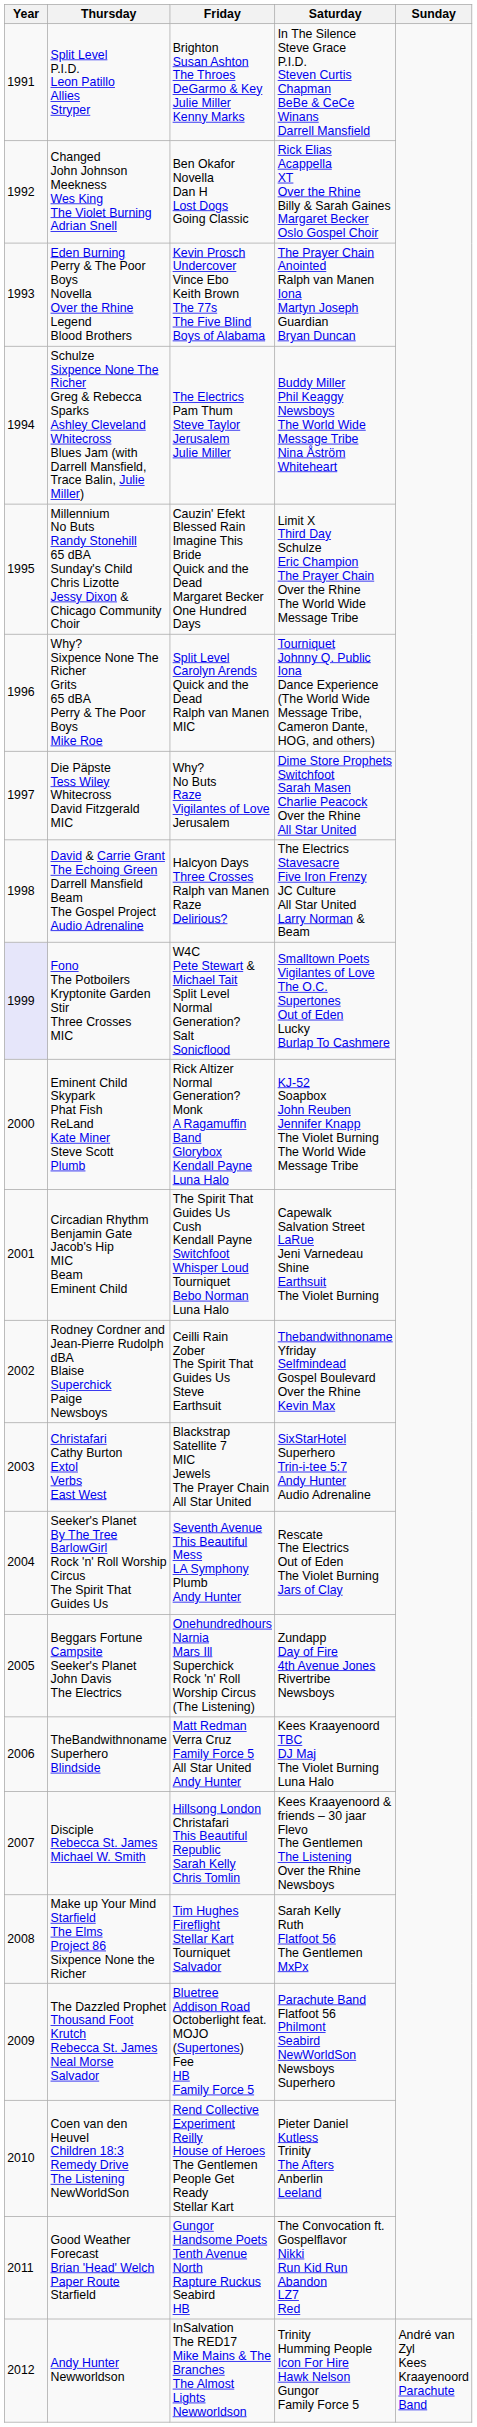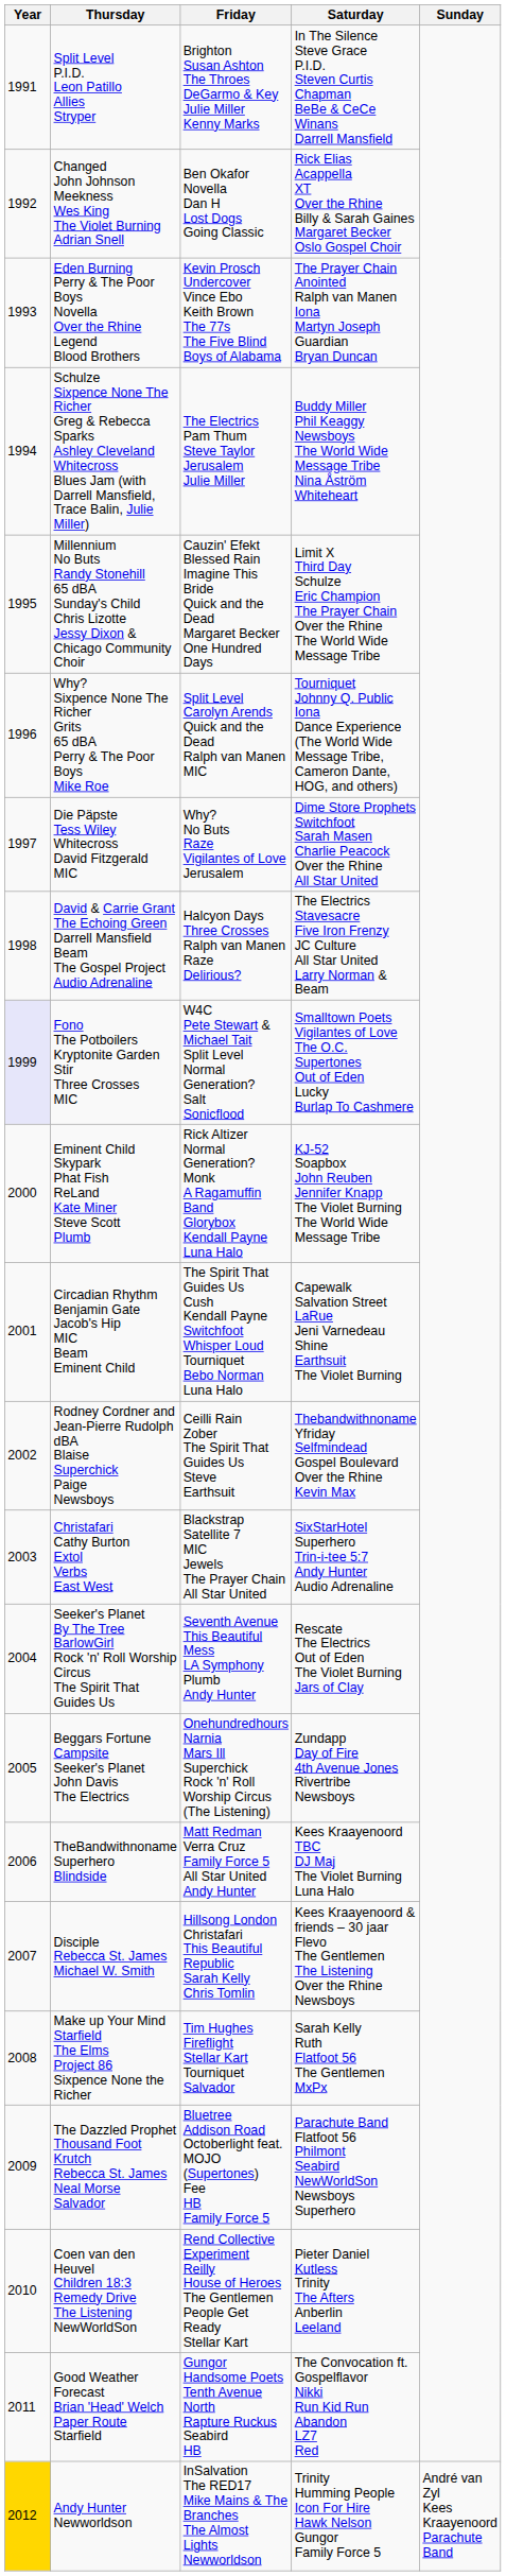 <table class="wikitable vatop">
 <tr>
 <th width="100px">Year</th>
 <th>Thursday</th>
 <th>Friday</th>
 <th>Saturday</th>
 <th>Sunday</th>
 </tr>
 <tr>
 <td>1991</td>
 <td><a href='#'>Split Level</a><br>P.I.D.<br><a href='#'>Leon Patillo</a><br><a href='#'>Allies</a><br><a href='#'>Stryper</a></td>
 <td>Brighton<br><a href='#'>Susan Ashton</a><br><a href='#'>The Throes</a><br><a href='#'>DeGarmo & Key</a><br><a href='#'>Julie Miller</a><br><a href='#'>Kenny Marks</a></td>
 <td>In The Silence<br>Steve Grace<br>P.I.D.<br><a href='#'>Steven Curtis Chapman</a><br><a href='#'>BeBe & CeCe Winans</a><br><a href='#'>Darrell Mansfield</a></td>
 </tr>
 <tr>
 <td>1992</td>
 <td>Changed<br>John Johnson<br>Meekness<br><a href='#'>Wes King</a><br><a href='#'>The Violet Burning</a><br><a href='#'>Adrian Snell</a></td>
 <td>Ben Okafor<br>Novella<br>Dan H<br><a href='#'>Lost Dogs</a><br>Going Classic</td>
 <td><a href='#'>Rick Elias</a><br><a href='#'>Acappella</a><br><a href='#'>XT</a><br><a href='#'>Over the Rhine</a><br>Billy & Sarah Gaines<br><a href='#'>Margaret Becker</a><br><a href='#'>Oslo Gospel Choir</a></td>
 </tr>
 <tr>
 <td>1993</td>
 <td><a href='#'>Eden Burning</a><br>Perry & The Poor Boys<br>Novella<br><a href='#'>Over the Rhine</a><br>Legend<br>Blood Brothers</td>
 <td><a href='#'>Kevin Prosch</a><br><a href='#'>Undercover</a><br>Vince Ebo<br>Keith Brown<br><a href='#'>The 77s</a><br><a href='#'>The Five Blind Boys of Alabama</a></td>
 <td><a href='#'>The Prayer Chain</a><br><a href='#'>Anointed</a><br>Ralph van Manen<br><a href='#'>Iona</a><br><a href='#'>Martyn Joseph</a><br>Guardian<br><a href='#'>Bryan Duncan</a></td>
 </tr>
 <tr>
 <td>1994</td>
 <td>Schulze<br><a href='#'>Sixpence None The Richer</a><br>Greg & Rebecca Sparks<br><a href='#'>Ashley Cleveland</a><br><a href='#'>Whitecross</a><br>Blues Jam (with Darrell Mansfield, Trace Balin, <a href='#'>Julie Miller</a>)</td>
 <td><a href='#'>The Electrics</a><br>Pam Thum<br><a href='#'>Steve Taylor</a><br><a href='#'>Jerusalem</a><br><a href='#'>Julie Miller</a></td>
 <td><a href='#'>Buddy Miller</a><br><a href='#'>Phil Keaggy</a><br><a href='#'>Newsboys</a><br><a href='#'>The World Wide Message Tribe</a><br><a href='#'>Nina Åström</a><br><a href='#'>Whiteheart</a></td>
 </tr>
 <tr>
 <td>1995</td>
 <td>Millennium<br>No Buts<br><a href='#'>Randy Stonehill</a><br>65 dBA<br>Sunday's Child<br>Chris Lizotte<br><a href='#'>Jessy Dixon</a> & Chicago Community Choir</td>
 <td>Cauzin' Efekt<br>Blessed Rain<br>Imagine This<br>Bride<br>Quick and the Dead<br>Margaret Becker<br>One Hundred Days</td>
 <td>Limit X<br><a href='#'>Third Day</a><br>Schulze<br><a href='#'>Eric Champion</a><br><a href='#'>The Prayer Chain</a><br>Over the Rhine<br>The World Wide Message Tribe</td>
 </tr>
 <tr>
 <td>1996</td>
 <td>Why?<br>Sixpence None The Richer<br>Grits<br>65 dBA<br>Perry & The Poor Boys<br><a href='#'>Mike Roe</a></td>
 <td><a href='#'>Split Level</a><br><a href='#'>Carolyn Arends</a><br>Quick and the Dead<br>Ralph van Manen<br>MIC</td>
 <td><a href='#'>Tourniquet</a><br><a href='#'>Johnny Q. Public</a><br><a href='#'>Iona</a><br>Dance Experience (The World Wide Message Tribe, Cameron Dante, HOG, and others)</td>
 </tr>
 <tr>
 <td>1997</td>
 <td>Die Päpste<br><a href='#'>Tess Wiley</a><br>Whitecross<br>David Fitzgerald<br>MIC</td>
 <td>Why?<br>No Buts<br><a href='#'>Raze</a><br><a href='#'>Vigilantes of Love</a><br>Jerusalem</td>
 <td><a href='#'>Dime Store Prophets</a><br><a href='#'>Switchfoot</a><br><a href='#'>Sarah Masen</a><br><a href='#'>Charlie Peacock</a><br>Over the Rhine<br><a href='#'>All Star United</a></td>
 </tr>
 <tr>
 <td>1998</td>
 <td><a href='#'>David</a> & <a href='#'>Carrie Grant</a><br><a href='#'>The Echoing Green</a><br>Darrell Mansfield<br>Beam<br>The Gospel Project<br><a href='#'>Audio Adrenaline</a></td>
 <td>Halcyon Days<br><a href='#'>Three Crosses</a><br>Ralph van Manen<br>Raze<br><a href='#'>Delirious?</a></td>
 <td>The Electrics<br><a href='#'>Stavesacre</a><br><a href='#'>Five Iron Frenzy</a><br>JC Culture<br>All Star United<br><a href='#'>Larry Norman</a> & Beam</td>
 </tr>
 <tr>
 <td style="background: lavender;">1999</td>
 <td><a href='#'>Fono</a><br>The Potboilers<br>Kryptonite Garden<br>Stir<br>Three Crosses<br>MIC</td>
 <td>W4C<br><a href='#'>Pete Stewart</a> & <a href='#'>Michael Tait</a><br>Split Level<br>Normal Generation?<br>Salt<br><a href='#'>Sonicflood</a></td>
 <td><a href='#'>Smalltown Poets</a><br><a href='#'>Vigilantes of Love</a><br><a href='#'>The O.C. Supertones</a><br><a href='#'>Out of Eden</a><br>Lucky<br><a href='#'>Burlap To Cashmere</a></td>
 </tr>
 <tr>
 <td>2000</td>
 <td>Eminent Child<br>Skypark<br>Phat Fish<br>ReLand<br><a href='#'>Kate Miner</a><br>Steve Scott<br><a href='#'>Plumb</a></td>
 <td>Rick Altizer<br>Normal Generation?<br>Monk<br><a href='#'>A Ragamuffin Band</a><br><a href='#'>Glorybox</a><br><a href='#'>Kendall Payne</a><br><a href='#'>Luna Halo</a></td>
 <td><a href='#'>KJ-52</a><br>Soapbox<br><a href='#'>John Reuben</a><br><a href='#'>Jennifer Knapp</a><br>The Violet Burning<br>The World Wide Message Tribe</td>
 </tr>
 <tr>
 <td>2001</td>
 <td>Circadian Rhythm<br>Benjamin Gate<br>Jacob's Hip<br>MIC<br>Beam<br>Eminent Child</td>
 <td>The Spirit That Guides Us<br>Cush<br>Kendall Payne<br><a href='#'>Switchfoot</a><br><a href='#'>Whisper Loud</a><br>Tourniquet<br><a href='#'>Bebo Norman</a><br>Luna Halo</td>
 <td>Capewalk<br>Salvation Street<br><a href='#'>LaRue</a><br>Jeni Varnedeau<br>Shine<br><a href='#'>Earthsuit</a><br>The Violet Burning</td>
 </tr>
 <tr>
 <td>2002</td>
 <td>Rodney Cordner and Jean-Pierre Rudolph<br>dBA<br>Blaise<br><a href='#'>Superchick</a><br>Paige<br>Newsboys</td>
 <td>Ceilli Rain<br>Zober<br>The Spirit That Guides Us<br>Steve<br>Earthsuit</td>
 <td><a href='#'>Thebandwithnoname</a><br>Yfriday<br><a href='#'>Selfmindead</a><br>Gospel Boulevard<br>Over the Rhine<br><a href='#'>Kevin Max</a></td>
 </tr>
 <tr>
 <td>2003</td>
 <td><a href='#'>Christafari</a><br>Cathy Burton<br><a href='#'>Extol</a><br><a href='#'>Verbs</a><br><a href='#'>East West</a></td>
 <td>Blackstrap<br>Satellite 7<br>MIC<br>Jewels<br>The Prayer Chain<br>All Star United</td>
 <td><a href='#'>SixStarHotel</a><br>Superhero<br><a href='#'>Trin-i-tee 5:7</a><br><a href='#'>Andy Hunter</a><br>Audio Adrenaline</td>
 </tr>
 <tr>
 <td>2004</td>
 <td>Seeker's Planet<br><a href='#'>By The Tree</a><br><a href='#'>BarlowGirl</a><br>Rock 'n' Roll Worship Circus<br>The Spirit That Guides Us</td>
 <td><a href='#'>Seventh Avenue</a><br><a href='#'>This Beautiful Mess</a><br><a href='#'>LA Symphony</a><br>Plumb<br><a href='#'>Andy Hunter</a></td>
 <td>Rescate<br>The Electrics<br>Out of Eden<br>The Violet Burning<br><a href='#'>Jars of Clay</a></td>
 </tr>
 <tr>
 <td>2005</td>
 <td>Beggars Fortune<br><a href='#'>Campsite</a><br>Seeker's Planet<br>John Davis<br>The Electrics</td>
 <td><a href='#'>Onehundredhours</a><br><a href='#'>Narnia</a><br><a href='#'>Mars Ill</a><br>Superchick<br>Rock 'n' Roll Worship Circus (The Listening)</td>
 <td>Zundapp<br><a href='#'>Day of Fire</a><br><a href='#'>4th Avenue Jones</a><br>Rivertribe<br>Newsboys</td>
 </tr>
 <tr>
 <td>2006</td>
 <td>TheBandwithnoname<br>Superhero<br><a href='#'>Blindside</a></td>
 <td><a href='#'>Matt Redman</a><br>Verra Cruz<br><a href='#'>Family Force 5</a><br>All Star United<br><a href='#'>Andy Hunter</a></td>
 <td>Kees Kraayenoord<br><a href='#'>TBC</a><br><a href='#'>DJ Maj</a><br>The Violet Burning<br>Luna Halo</td>
 </tr>
 <tr>
 <td>2007</td>
 <td>Disciple<br><a href='#'>Rebecca St. James</a><br><a href='#'>Michael W. Smith</a></td>
 <td><a href='#'>Hillsong London</a><br>Christafari<br><a href='#'>This Beautiful Republic</a><br><a href='#'>Sarah Kelly</a><br><a href='#'>Chris Tomlin</a></td>
 <td>Kees Kraayenoord & friends – 30 jaar Flevo<br>The Gentlemen<br><a href='#'>The Listening</a><br>Over the Rhine<br>Newsboys</td>
 </tr>
 <tr>
 <td>2008</td>
 <td>Make up Your Mind <br><a href='#'>Starfield</a><br><a href='#'>The Elms</a><br><a href='#'>Project 86</a><br>Sixpence None the Richer</td>
 <td><a href='#'>Tim Hughes</a><br><a href='#'>Fireflight</a><br><a href='#'>Stellar Kart</a><br>Tourniquet<br><a href='#'>Salvador</a></td>
 <td>Sarah Kelly<br>Ruth<br><a href='#'>Flatfoot 56</a><br>The Gentlemen<br><a href='#'>MxPx</a></td>
 </tr>
 <tr>
 <td>2009</td>
 <td>The Dazzled Prophet<br><a href='#'>Thousand Foot Krutch</a><br><a href='#'>Rebecca St. James</a><br><a href='#'>Neal Morse</a><br><a href='#'>Salvador</a></td>
 <td><a href='#'>Bluetree</a><br><a href='#'>Addison Road</a><br>Octoberlight feat. MOJO (<a href='#'>Supertones</a>)<br>Fee<br><a href='#'>HB</a><br><a href='#'>Family Force 5</a></td>
 <td><a href='#'>Parachute Band</a><br>Flatfoot 56<br><a href='#'>Philmont</a><br><a href='#'>Seabird</a><br><a href='#'>NewWorldSon</a><br>Newsboys<br>Superhero</td>
 </tr>
 <tr>
 <td>2010</td>
 <td>Coen van den Heuvel<br><a href='#'>Children 18:3</a><br><a href='#'>Remedy Drive</a><br><a href='#'>The Listening</a><br>NewWorldSon</td>
 <td><a href='#'>Rend Collective Experiment</a><br><a href='#'>Reilly</a><br><a href='#'>House of Heroes</a><br>The Gentlemen<br>People Get Ready<br>Stellar Kart</td>
 <td>Pieter Daniel<br><a href='#'>Kutless</a><br>Trinity<br><a href='#'>The Afters</a><br>Anberlin<br><a href='#'>Leeland</a></td>
 </tr>
 <tr>
 <td>2011</td>
 <td>Good Weather Forecast<br><a href='#'>Brian 'Head' Welch</a><br><a href='#'>Paper Route</a><br>Starfield</td>
 <td><a href='#'>Gungor</a><br><a href='#'>Handsome Poets</a><br><a href='#'>Tenth Avenue North</a><br><a href='#'>Rapture Ruckus</a><br>Seabird<br><a href='#'>HB</a></td>
 <td>The Convocation ft. Gospelflavor<br><a href='#'>Nikki</a><br><a href='#'>Run Kid Run</a><br><a href='#'>Abandon</a><br><a href='#'>LZ7</a><br><a href='#'>Red</a></td>
 </tr>
 <tr>
-<td>2012</td>
+<td style="background: gold;">2012</td>
 <td><a href='#'>Andy Hunter</a><br>Newworldson</td>
 <td>InSalvation<br>The RED17<br><a href='#'>Mike Mains & The Branches</a><br><a href='#'>The Almost</a><br><a href='#'>Lights</a><br><a href='#'>Newworldson</a></td>
 <td>Trinity<br>Humming People<br><a href='#'>Icon For Hire</a><br><a href='#'>Hawk Nelson</a><br>Gungor<br>Family Force 5</td>
 <td>André van Zyl<br>Kees Kraayenoord<br><a href='#'>Parachute Band</a></td>
 </tr>
 </table>
